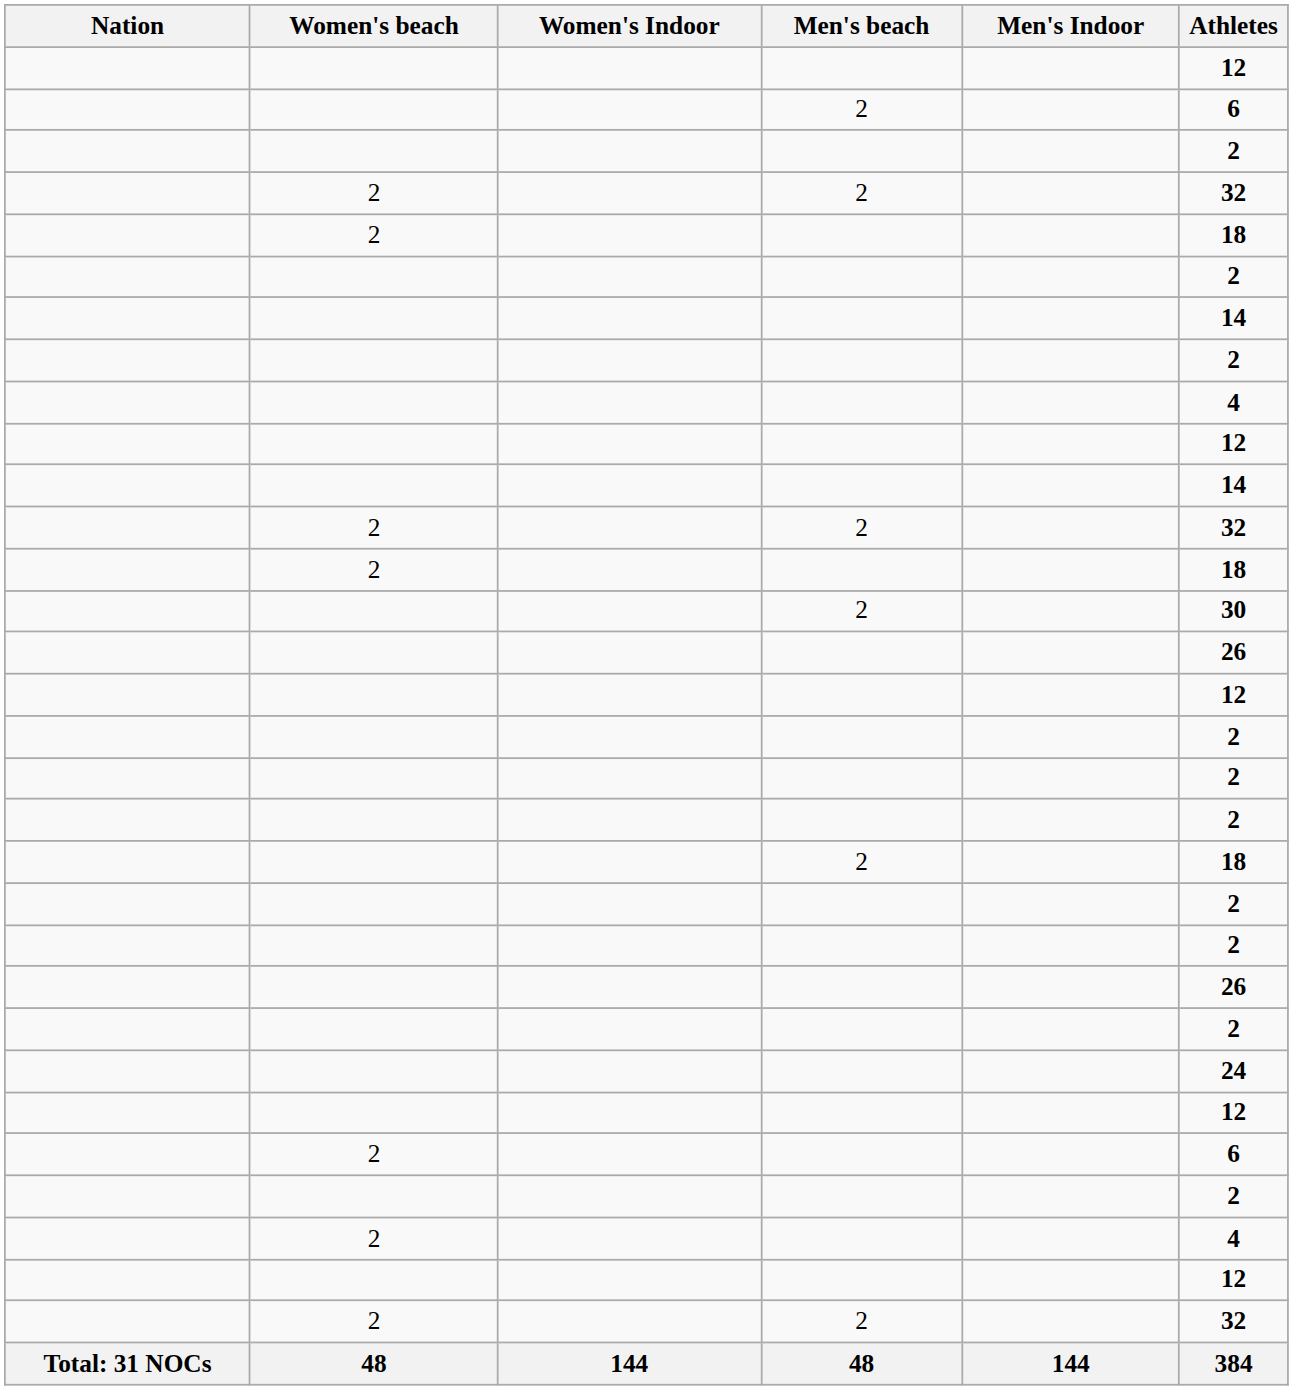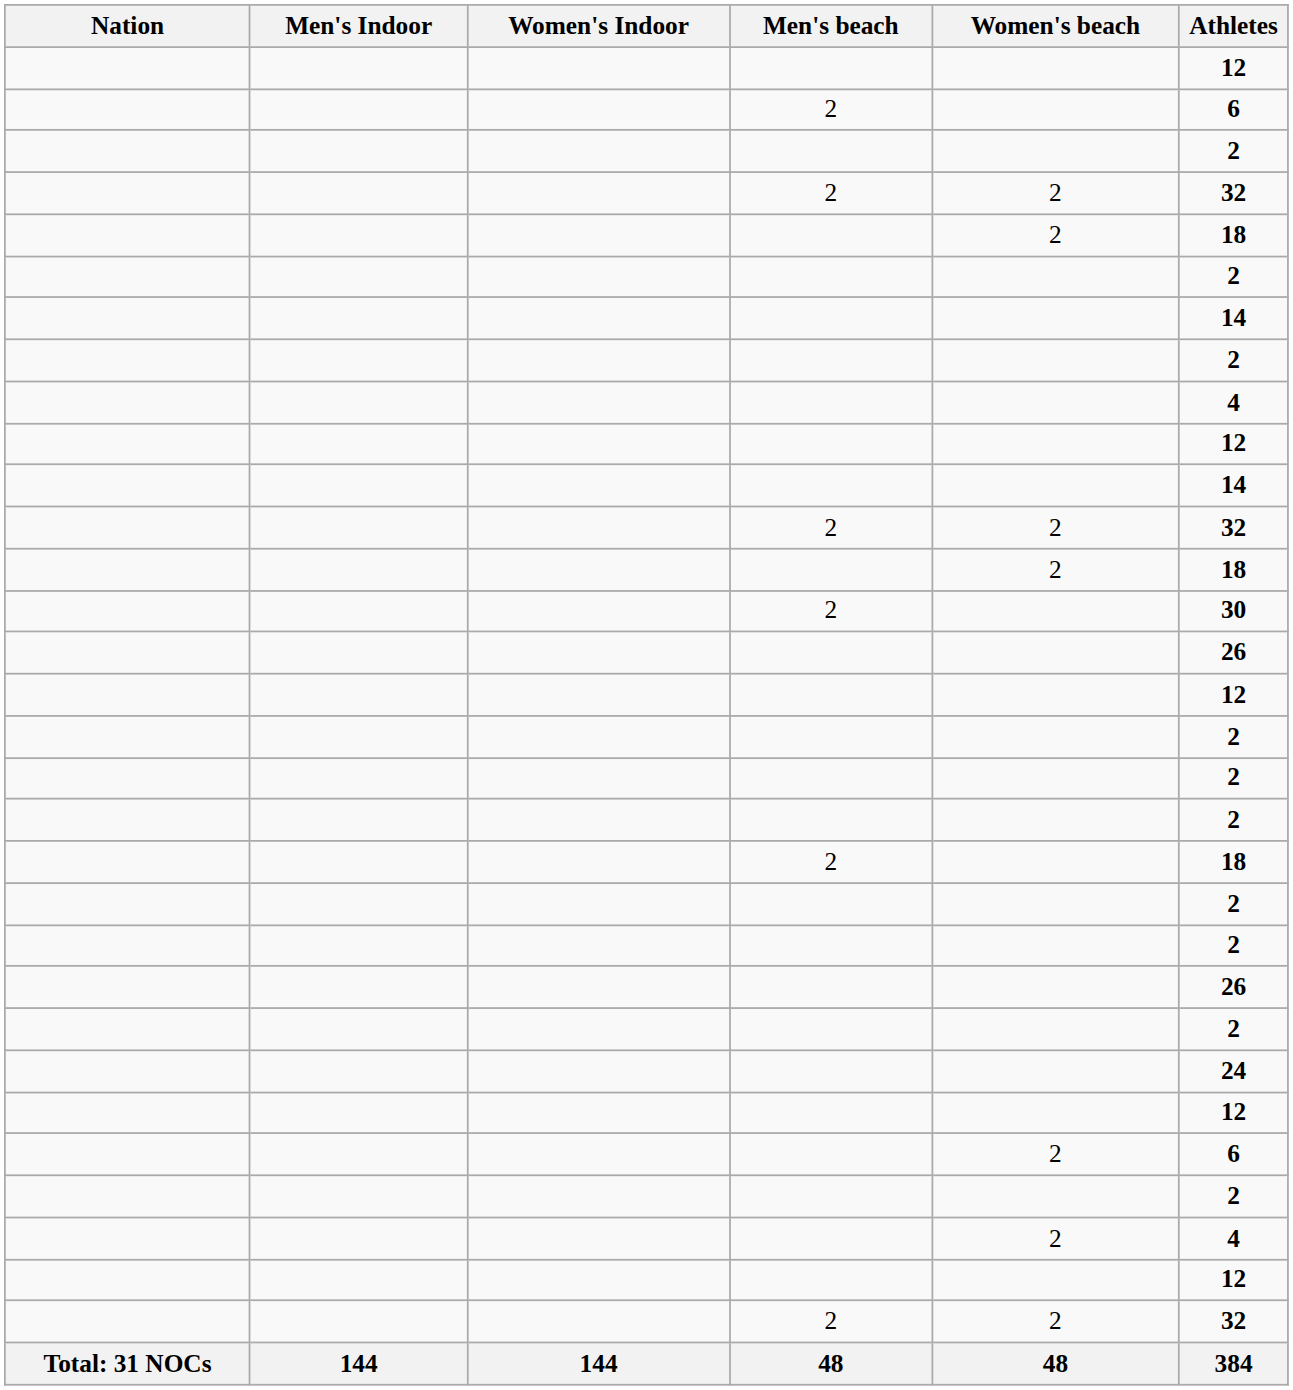 <table class="wikitable sortable" width=730 style="text-align:center; font-size:90%">
 <tr>
 <th>Nation</th>
-<th>Women's beach</th>
+<th>Men's Indoor</th>
 <th>Women's Indoor</th>
 <th>Men's beach</th>
-<th>Men's Indoor</th>
+<th>Women's beach</th>
 <th width=55>Athletes</th>
 </tr>
 <tr>
 <td style="text-align:left;"></td>
 <td></td>
 <td></td>
 <td></td>
 <td></td>
 <td><strong>12</strong></td>
 </tr>
 <tr>
 <td style="text-align:left;"></td>
 <td></td>
 <td></td>
 <td> 2</td>
 <td></td>
 <td><strong>6</strong></td>
 </tr>
 <tr>
 <td style="text-align:left;"></td>
 <td></td>
 <td></td>
 <td></td>
 <td></td>
 <td><strong>2</strong></td>
 </tr>
 <tr>
 <td style="text-align:left;"></td>
-<td> 2</td>
+<td></td>
 <td></td>
 <td> 2</td>
-<td></td>
+<td> 2</td>
 <td><strong>32</strong></td>
 </tr>
 <tr>
 <td style="text-align:left;"></td>
-<td> 2</td>
 <td></td>
 <td></td>
 <td></td>
+<td> 2</td>
 <td><strong>18</strong></td>
 </tr>
 <tr>
 <td style="text-align:left;"></td>
 <td></td>
 <td></td>
 <td></td>
 <td></td>
 <td><strong>2</strong></td>
 </tr>
 <tr>
 <td style="text-align:left;"></td>
 <td></td>
 <td></td>
 <td></td>
 <td></td>
 <td><strong>14</strong></td>
 </tr>
 <tr>
 <td style="text-align:left;"></td>
 <td></td>
 <td></td>
 <td></td>
 <td></td>
 <td><strong>2</strong></td>
 </tr>
 <tr>
 <td style="text-align:left;"></td>
 <td></td>
 <td></td>
 <td></td>
 <td></td>
 <td><strong>4</strong></td>
 </tr>
 <tr>
 <td style="text-align:left;"></td>
 <td></td>
 <td></td>
 <td></td>
 <td></td>
 <td><strong>12</strong></td>
 </tr>
 <tr>
 <td style="text-align:left;"></td>
 <td></td>
 <td></td>
 <td></td>
 <td></td>
 <td><strong>14</strong></td>
 </tr>
 <tr>
 <td style="text-align:left;"></td>
-<td> 2</td>
+<td></td>
 <td></td>
 <td> 2</td>
-<td></td>
+<td> 2</td>
 <td><strong>32</strong></td>
 </tr>
 <tr>
 <td style="text-align:left;"></td>
-<td> 2</td>
 <td></td>
 <td></td>
 <td></td>
+<td> 2</td>
 <td><strong>18</strong></td>
 </tr>
 <tr>
 <td style="text-align:left;"></td>
 <td></td>
 <td></td>
 <td> 2</td>
 <td></td>
 <td><strong>30</strong></td>
 </tr>
 <tr>
 <td style="text-align:left;"></td>
 <td></td>
 <td></td>
 <td></td>
 <td></td>
 <td><strong>26</strong></td>
 </tr>
 <tr>
 <td style="text-align:left;"></td>
 <td></td>
 <td></td>
 <td></td>
 <td></td>
 <td><strong>12</strong></td>
 </tr>
 <tr>
 <td style="text-align:left;"></td>
 <td></td>
 <td></td>
 <td></td>
 <td></td>
 <td><strong>2</strong></td>
 </tr>
 <tr>
 <td style="text-align:left;"></td>
 <td></td>
 <td></td>
 <td></td>
 <td></td>
 <td><strong>2</strong></td>
 </tr>
 <tr>
 <td style="text-align:left;"></td>
 <td></td>
 <td></td>
 <td></td>
 <td></td>
 <td><strong>2</strong></td>
 </tr>
 <tr>
 <td style="text-align:left;"></td>
 <td></td>
 <td></td>
 <td> 2</td>
 <td></td>
 <td><strong>18</strong></td>
 </tr>
 <tr>
 <td style="text-align:left;"></td>
 <td></td>
 <td></td>
 <td></td>
 <td></td>
 <td><strong>2</strong></td>
 </tr>
 <tr>
 <td style="text-align:left;"></td>
 <td></td>
 <td></td>
 <td></td>
 <td></td>
 <td><strong>2</strong></td>
 </tr>
 <tr>
 <td style="text-align:left;"></td>
 <td></td>
 <td></td>
 <td></td>
 <td></td>
 <td><strong>26</strong></td>
 </tr>
 <tr>
 <td style="text-align:left;"></td>
 <td></td>
 <td></td>
 <td></td>
 <td></td>
 <td><strong>2</strong></td>
 </tr>
 <tr>
 <td style="text-align:left;"></td>
 <td></td>
 <td></td>
 <td></td>
 <td></td>
 <td><strong>24</strong></td>
 </tr>
 <tr>
 <td style="text-align:left;"></td>
 <td></td>
 <td></td>
 <td></td>
 <td></td>
 <td><strong>12</strong></td>
 </tr>
 <tr>
 <td style="text-align:left;"></td>
-<td> 2</td>
 <td></td>
 <td></td>
 <td></td>
+<td> 2</td>
 <td><strong>6</strong></td>
 </tr>
 <tr>
 <td style="text-align:left;"></td>
 <td></td>
 <td></td>
 <td></td>
 <td></td>
 <td><strong>2</strong></td>
 </tr>
 <tr>
 <td style="text-align:left;"></td>
-<td> 2</td>
 <td></td>
 <td></td>
 <td></td>
+<td> 2</td>
 <td><strong>4</strong></td>
 </tr>
 <tr>
 <td style="text-align:left;"></td>
 <td></td>
 <td></td>
 <td></td>
 <td></td>
 <td><strong>12</strong></td>
 </tr>
 <tr>
 <td style="text-align:left;"></td>
-<td> 2</td>
+<td></td>
 <td></td>
 <td> 2</td>
-<td></td>
+<td> 2</td>
 <td><strong>32</strong></td>
 </tr>
 <tr>
 <th>Total: 31 NOCs</th>
-<th>48</th>
+<th>144</th>
 <th>144</th>
 <th>48</th>
-<th>144</th>
+<th>48</th>
 <th>384</th>
 </tr>
 </table>
